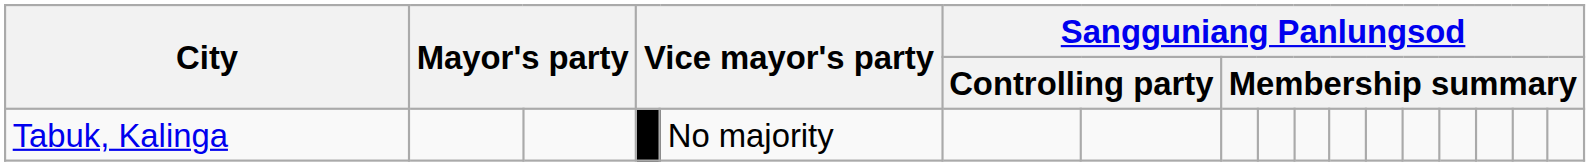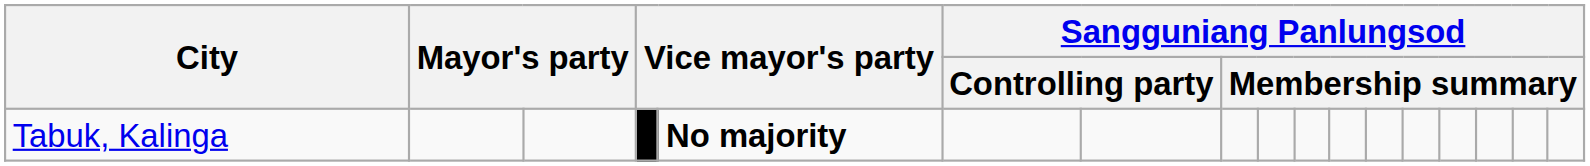 <table class="wikitable" style="font-size:95%;">
 <tr>
 <th width="180px" rowspan="2">City</th>
 <th colspan="2" rowspan="2">Mayor's party</th>
 <th colspan="2" rowspan="2">Vice mayor's party</th>
 <th colspan="14"><a href='#'>Sangguniang Panlungsod</a></th>
 </tr>
 <tr>
 <th colspan="2">Controlling party</th>
 <th colspan="12">Membership summary</th>
 </tr>
 <tr>
 <td><a href='#'>Tabuk, Kalinga</a></td>
 <td></td>
 <td></td>
 <td bgcolor="black"></td>
-<td>No majority</td>
+<td><strong>No majority</strong></td>
 <td> </td>
 <td> </td>
 <td> </td>
 <td> </td>
 <td> </td>
 <td> </td>
 <td> </td>
 <td> </td>
 <td> </td>
 <td> </td>
 <td> </td>
 <td> </td>
 </tr>
 </table>
